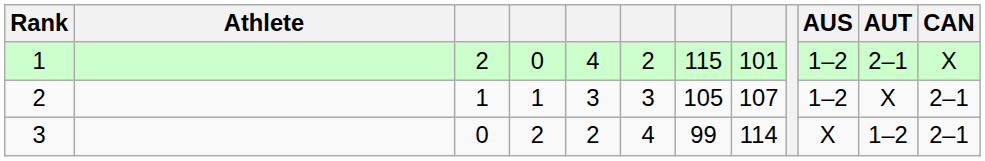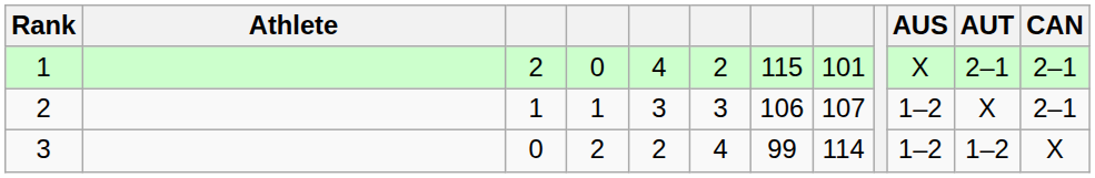 <table class="wikitable" style="text-align:center">
 <tr>
 <th>Rank</th>
 <th width=250>Athlete</th>
 <th width=30></th>
 <th width=30></th>
 <th width=30></th>
 <th width=30></th>
 <th width=30></th>
 <th width=30></th>
 <th rowspan=4></th>
 <th width=30>AUS</th>
 <th width=30>AUT</th>
 <th width=30>CAN</th>
 </tr>
 <tr style="background-color:#ccffcc;">
 <td>1</td>
 <td align=left></td>
 <td>2</td>
 <td>0</td>
 <td>4</td>
 <td>2</td>
 <td>115</td>
 <td>101</td>
-<td>1–2</td>
+<td>X</td>
 <td>2–1</td>
-<td>X</td>
+<td>2–1</td>
 </tr>
 <tr>
 <td>2</td>
 <td align=left></td>
 <td>1</td>
 <td>1</td>
 <td>3</td>
 <td>3</td>
-<td>105</td>
+<td>106</td>
 <td>107</td>
 <td>1–2</td>
 <td>X</td>
 <td>2–1</td>
 </tr>
 <tr>
 <td>3</td>
 <td align=left></td>
 <td>0</td>
 <td>2</td>
 <td>2</td>
 <td>4</td>
 <td>99</td>
 <td>114</td>
+<td>1–2</td>
+<td>1–2</td>
 <td>X</td>
-<td>1–2</td>
-<td>2–1</td>
 </tr>
 </table>
